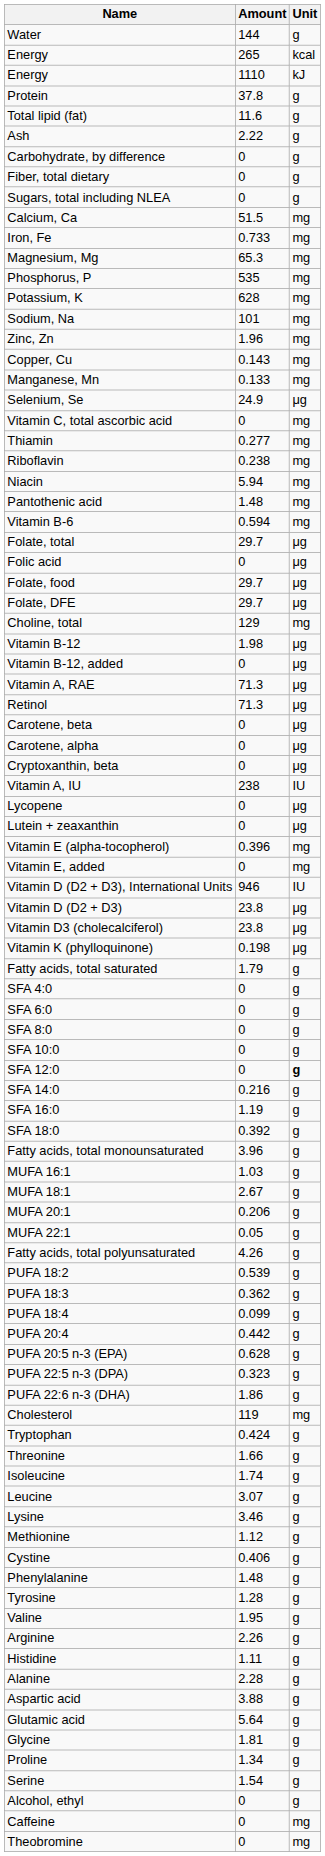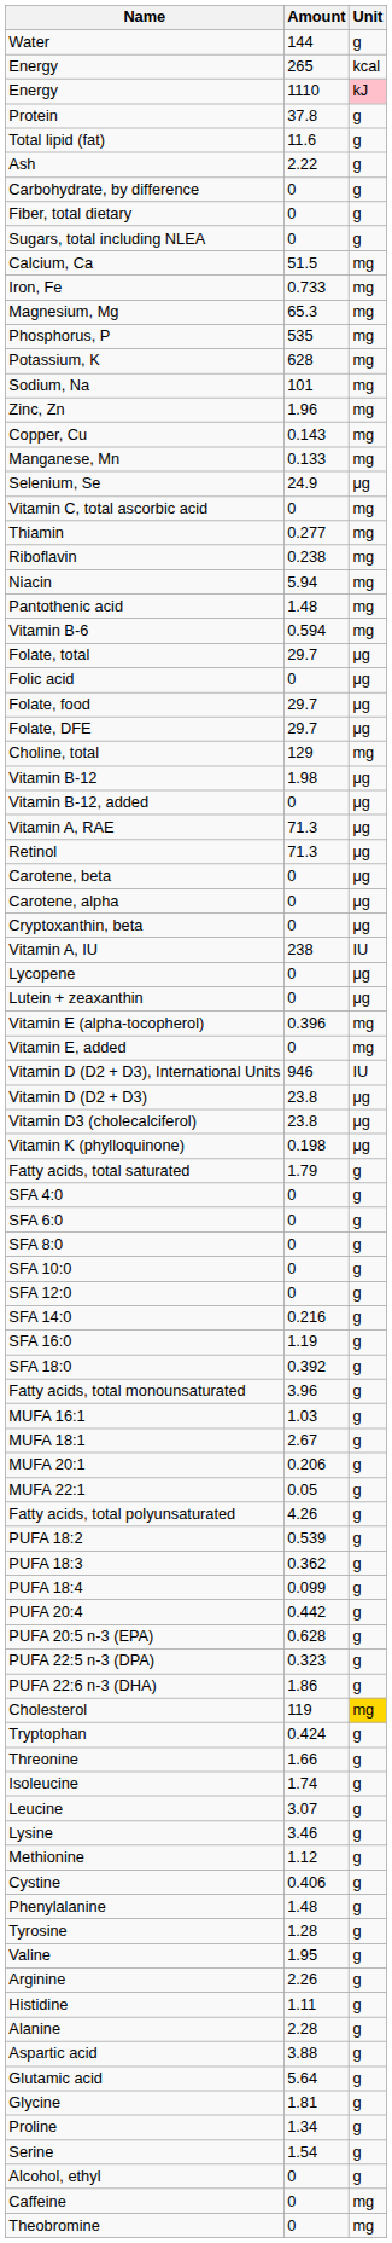 <table class="wikitable">
 <tr>
 <th>Name</th>
 <th>Amount</th>
 <th>Unit</th>
 </tr>
 <tr>
 <td>Water</td>
 <td>144</td>
 <td>g</td>
 </tr>
 <tr>
 <td>Energy</td>
 <td>265</td>
 <td>kcal</td>
 </tr>
 <tr>
 <td>Energy</td>
 <td>1110</td>
-<td>kJ</td>
+<td style="background: pink;">kJ</td>
 </tr>
 <tr>
 <td>Protein</td>
 <td>37.8</td>
 <td>g</td>
 </tr>
 <tr>
 <td>Total lipid (fat)</td>
 <td>11.6</td>
 <td>g</td>
 </tr>
 <tr>
 <td>Ash</td>
 <td>2.22</td>
 <td>g</td>
 </tr>
 <tr>
 <td>Carbohydrate, by difference</td>
 <td>0</td>
 <td>g</td>
 </tr>
 <tr>
 <td>Fiber, total dietary</td>
 <td>0</td>
 <td>g</td>
 </tr>
 <tr>
 <td>Sugars, total including NLEA</td>
 <td>0</td>
 <td>g</td>
 </tr>
 <tr>
 <td>Calcium, Ca</td>
 <td>51.5</td>
 <td>mg</td>
 </tr>
 <tr>
 <td>Iron, Fe</td>
 <td>0.733</td>
 <td>mg</td>
 </tr>
 <tr>
 <td>Magnesium, Mg</td>
 <td>65.3</td>
 <td>mg</td>
 </tr>
 <tr>
 <td>Phosphorus, P</td>
 <td>535</td>
 <td>mg</td>
 </tr>
 <tr>
 <td>Potassium, K</td>
 <td>628</td>
 <td>mg</td>
 </tr>
 <tr>
 <td>Sodium, Na</td>
 <td>101</td>
 <td>mg</td>
 </tr>
 <tr>
 <td>Zinc, Zn</td>
 <td>1.96</td>
 <td>mg</td>
 </tr>
 <tr>
 <td>Copper, Cu</td>
 <td>0.143</td>
 <td>mg</td>
 </tr>
 <tr>
 <td>Manganese, Mn</td>
 <td>0.133</td>
 <td>mg</td>
 </tr>
 <tr>
 <td>Selenium, Se</td>
 <td>24.9</td>
 <td>μg</td>
 </tr>
 <tr>
 <td>Vitamin C, total ascorbic acid</td>
 <td>0</td>
 <td>mg</td>
 </tr>
 <tr>
 <td>Thiamin</td>
 <td>0.277</td>
 <td>mg</td>
 </tr>
 <tr>
 <td>Riboflavin</td>
 <td>0.238</td>
 <td>mg</td>
 </tr>
 <tr>
 <td>Niacin</td>
 <td>5.94</td>
 <td>mg</td>
 </tr>
 <tr>
 <td>Pantothenic acid</td>
 <td>1.48</td>
 <td>mg</td>
 </tr>
 <tr>
 <td>Vitamin B-6</td>
 <td>0.594</td>
 <td>mg</td>
 </tr>
 <tr>
 <td>Folate, total</td>
 <td>29.7</td>
 <td>μg</td>
 </tr>
 <tr>
 <td>Folic acid</td>
 <td>0</td>
 <td>μg</td>
 </tr>
 <tr>
 <td>Folate, food</td>
 <td>29.7</td>
 <td>μg</td>
 </tr>
 <tr>
 <td>Folate, DFE</td>
 <td>29.7</td>
 <td>μg</td>
 </tr>
 <tr>
 <td>Choline, total</td>
 <td>129</td>
 <td>mg</td>
 </tr>
 <tr>
 <td>Vitamin B-12</td>
 <td>1.98</td>
 <td>μg</td>
 </tr>
 <tr>
 <td>Vitamin B-12, added</td>
 <td>0</td>
 <td>μg</td>
 </tr>
 <tr>
 <td>Vitamin A, RAE</td>
 <td>71.3</td>
 <td>μg</td>
 </tr>
 <tr>
 <td>Retinol</td>
 <td>71.3</td>
 <td>μg</td>
 </tr>
 <tr>
 <td>Carotene, beta</td>
 <td>0</td>
 <td>μg</td>
 </tr>
 <tr>
 <td>Carotene, alpha</td>
 <td>0</td>
 <td>μg</td>
 </tr>
 <tr>
 <td>Cryptoxanthin, beta</td>
 <td>0</td>
 <td>μg</td>
 </tr>
 <tr>
 <td>Vitamin A, IU</td>
 <td>238</td>
 <td>IU</td>
 </tr>
 <tr>
 <td>Lycopene</td>
 <td>0</td>
 <td>μg</td>
 </tr>
 <tr>
 <td>Lutein + zeaxanthin</td>
 <td>0</td>
 <td>μg</td>
 </tr>
 <tr>
 <td>Vitamin E (alpha-tocopherol)</td>
 <td>0.396</td>
 <td>mg</td>
 </tr>
 <tr>
 <td>Vitamin E, added</td>
 <td>0</td>
 <td>mg</td>
 </tr>
 <tr>
 <td>Vitamin D (D2 + D3), International Units</td>
 <td>946</td>
 <td>IU</td>
 </tr>
 <tr>
 <td>Vitamin D (D2 + D3)</td>
 <td>23.8</td>
 <td>μg</td>
 </tr>
 <tr>
 <td>Vitamin D3 (cholecalciferol)</td>
 <td>23.8</td>
 <td>μg</td>
 </tr>
 <tr>
 <td>Vitamin K (phylloquinone)</td>
 <td>0.198</td>
 <td>μg</td>
 </tr>
 <tr>
 <td>Fatty acids, total saturated</td>
 <td>1.79</td>
 <td>g</td>
 </tr>
 <tr>
 <td>SFA 4:0</td>
 <td>0</td>
 <td>g</td>
 </tr>
 <tr>
 <td>SFA 6:0</td>
 <td>0</td>
 <td>g</td>
 </tr>
 <tr>
 <td>SFA 8:0</td>
 <td>0</td>
 <td>g</td>
 </tr>
 <tr>
 <td>SFA 10:0</td>
 <td>0</td>
 <td>g</td>
 </tr>
 <tr>
 <td>SFA 12:0</td>
 <td>0</td>
-<td><strong>g</strong></td>
+<td>g</td>
 </tr>
 <tr>
 <td>SFA 14:0</td>
 <td>0.216</td>
 <td>g</td>
 </tr>
 <tr>
 <td>SFA 16:0</td>
 <td>1.19</td>
 <td>g</td>
 </tr>
 <tr>
 <td>SFA 18:0</td>
 <td>0.392</td>
 <td>g</td>
 </tr>
 <tr>
 <td>Fatty acids, total monounsaturated</td>
 <td>3.96</td>
 <td>g</td>
 </tr>
 <tr>
 <td>MUFA 16:1</td>
 <td>1.03</td>
 <td>g</td>
 </tr>
 <tr>
 <td>MUFA 18:1</td>
 <td>2.67</td>
 <td>g</td>
 </tr>
 <tr>
 <td>MUFA 20:1</td>
 <td>0.206</td>
 <td>g</td>
 </tr>
 <tr>
 <td>MUFA 22:1</td>
 <td>0.05</td>
 <td>g</td>
 </tr>
 <tr>
 <td>Fatty acids, total polyunsaturated</td>
 <td>4.26</td>
 <td>g</td>
 </tr>
 <tr>
 <td>PUFA 18:2</td>
 <td>0.539</td>
 <td>g</td>
 </tr>
 <tr>
 <td>PUFA 18:3</td>
 <td>0.362</td>
 <td>g</td>
 </tr>
 <tr>
 <td>PUFA 18:4</td>
 <td>0.099</td>
 <td>g</td>
 </tr>
 <tr>
 <td>PUFA 20:4</td>
 <td>0.442</td>
 <td>g</td>
 </tr>
 <tr>
 <td>PUFA 20:5 n-3 (EPA)</td>
 <td>0.628</td>
 <td>g</td>
 </tr>
 <tr>
 <td>PUFA 22:5 n-3 (DPA)</td>
 <td>0.323</td>
 <td>g</td>
 </tr>
 <tr>
 <td>PUFA 22:6 n-3 (DHA)</td>
 <td>1.86</td>
 <td>g</td>
 </tr>
 <tr>
 <td>Cholesterol</td>
 <td>119</td>
-<td>mg</td>
+<td style="background: gold;">mg</td>
 </tr>
 <tr>
 <td>Tryptophan</td>
 <td>0.424</td>
 <td>g</td>
 </tr>
 <tr>
 <td>Threonine</td>
 <td>1.66</td>
 <td>g</td>
 </tr>
 <tr>
 <td>Isoleucine</td>
 <td>1.74</td>
 <td>g</td>
 </tr>
 <tr>
 <td>Leucine</td>
 <td>3.07</td>
 <td>g</td>
 </tr>
 <tr>
 <td>Lysine</td>
 <td>3.46</td>
 <td>g</td>
 </tr>
 <tr>
 <td>Methionine</td>
 <td>1.12</td>
 <td>g</td>
 </tr>
 <tr>
 <td>Cystine</td>
 <td>0.406</td>
 <td>g</td>
 </tr>
 <tr>
 <td>Phenylalanine</td>
 <td>1.48</td>
 <td>g</td>
 </tr>
 <tr>
 <td>Tyrosine</td>
 <td>1.28</td>
 <td>g</td>
 </tr>
 <tr>
 <td>Valine</td>
 <td>1.95</td>
 <td>g</td>
 </tr>
 <tr>
 <td>Arginine</td>
 <td>2.26</td>
 <td>g</td>
 </tr>
 <tr>
 <td>Histidine</td>
 <td>1.11</td>
 <td>g</td>
 </tr>
 <tr>
 <td>Alanine</td>
 <td>2.28</td>
 <td>g</td>
 </tr>
 <tr>
 <td>Aspartic acid</td>
 <td>3.88</td>
 <td>g</td>
 </tr>
 <tr>
 <td>Glutamic acid</td>
 <td>5.64</td>
 <td>g</td>
 </tr>
 <tr>
 <td>Glycine</td>
 <td>1.81</td>
 <td>g</td>
 </tr>
 <tr>
 <td>Proline</td>
 <td>1.34</td>
 <td>g</td>
 </tr>
 <tr>
 <td>Serine</td>
 <td>1.54</td>
 <td>g</td>
 </tr>
 <tr>
 <td>Alcohol, ethyl</td>
 <td>0</td>
 <td>g</td>
 </tr>
 <tr>
 <td>Caffeine</td>
 <td>0</td>
 <td>mg</td>
 </tr>
 <tr>
 <td>Theobromine</td>
 <td>0</td>
 <td>mg</td>
 </tr>
 </table>
